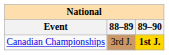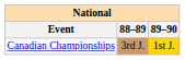 <table class="wikitable" style="text-align:center">
 <tr>
 <th colspan="3" style="background-color: #ffdead; " align="center">National</th>
 </tr>
 <tr>
 <th>Event</th>
 <th>88–89</th>
 <th>89–90</th>
 </tr>
 <tr>
 <td align=left><a href='#'>Canadian Championships</a></td>
 <td bgcolor="cc9966">3rd J.</td>
-<td bgcolor=gold><strong>1st J.</strong></td>
+<td bgcolor=gold>1st J.</td>
 </tr>
 </table>
